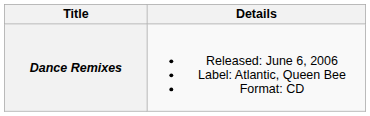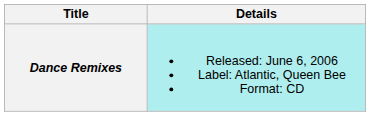 <table class="wikitable plainrowheaders" style="text-align:center;">
 <tr>
 <th scope="col" style="width:11em;">Title</th>
 <th scope="col" style="width:17em;">Details</th>
 </tr>
 <tr>
 <th scope="row"><em>Dance Remixes</em></th>
-<td><br><ul><li>Released: June 6, 2006</li><li>Label: Atlantic, Queen Bee</li><li>Format: CD</li></ul></td>
+<td style="background: paleturquoise;"><br><ul><li>Released: June 6, 2006</li><li>Label: Atlantic, Queen Bee</li><li>Format: CD</li></ul></td>
 </tr>
 </table>
